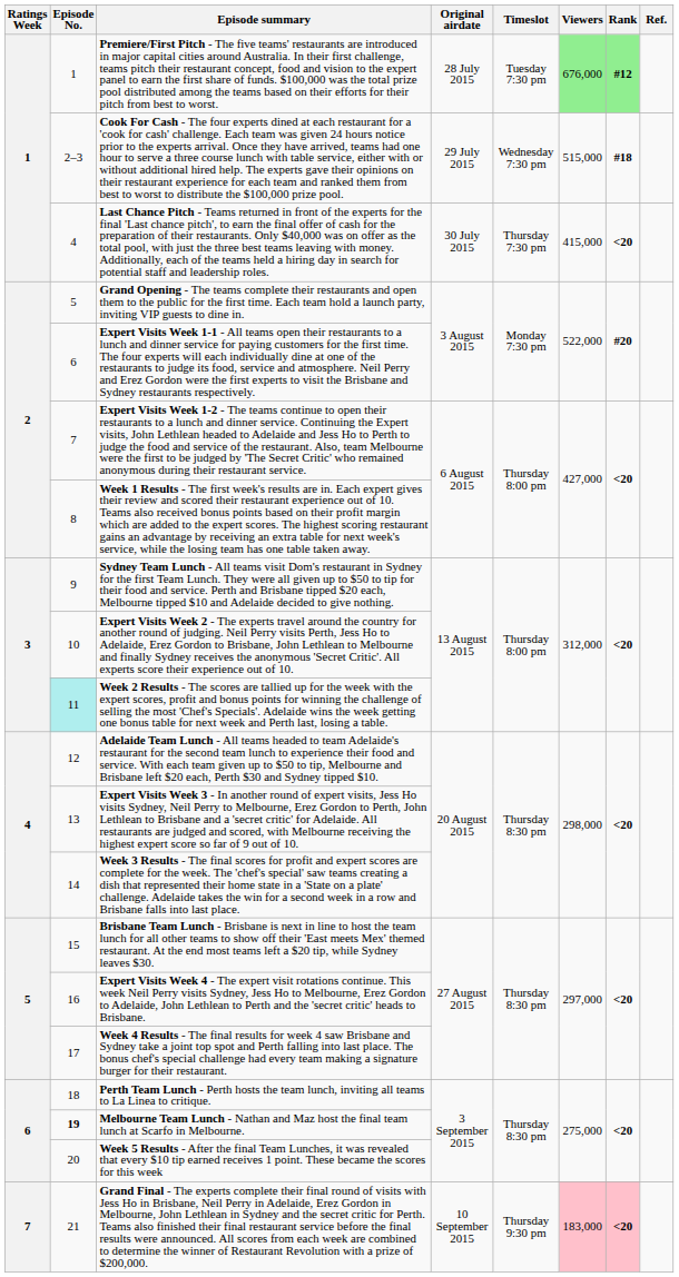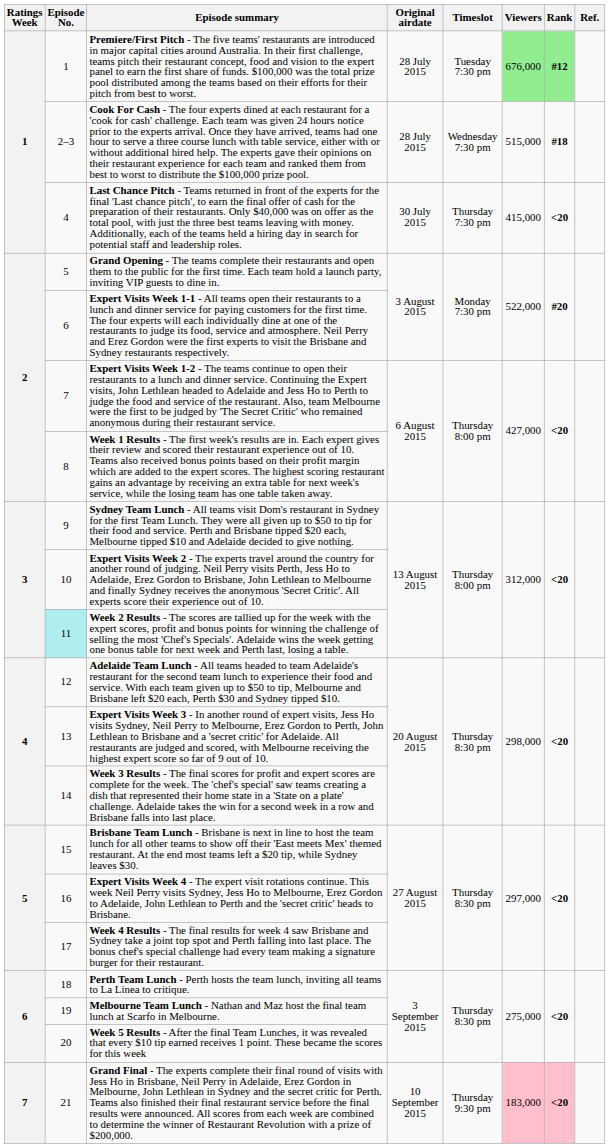 <table class="wikitable plainrowheaders" style="text-align:center; line-height:16px; width:100%;">
 <tr>
 <th scope="col">Ratings<br>Week</th>
 <th scope="col">Episode No.</th>
 <th scope="col" style="width:50%;">Episode summary</th>
 <th scope="col">Original airdate</th>
 <th scope="col">Timeslot</th>
 <th scope="col">Viewers</th>
 <th scope="col">Rank<br><small></small></th>
 <th scope="col" style="width:05%;">Ref.</th>
 </tr>
 <tr>
 <th rowspan="3">1</th>
 <td style="width:05%;">1</td>
 <td style="text-align:left"><strong>Premiere/First Pitch</strong> - The five teams' restaurants are introduced in major capital cities around Australia. In their first challenge, teams pitch their restaurant concept, food and vision to the expert panel to earn the first share of funds. $100,000 was the total prize pool distributed among the teams based on their efforts for their pitch from best to worst.</td>
 <td>28 July 2015</td>
 <td>Tuesday 7:30 pm</td>
 <td style="text-align:centre; background:lightgreen">676,000</td>
 <td style="text-align:centre; background:lightgreen"><strong>#12</strong></td>
 <td></td>
 </tr>
 <tr>
 <td>2–3</td>
 <td style="text-align:left"><strong>Cook For Cash</strong> - The four experts dined at each restaurant for a 'cook for cash' challenge. Each team was given 24 hours notice prior to the experts arrival. Once they have arrived, teams had one hour to serve a three course lunch with table service, either with or without additional hired help. The experts gave their opinions on their restaurant experience for each team and ranked them from best to worst to distribute the $100,000 prize pool.</td>
-<td>29 July 2015</td>
+<td>28 July 2015</td>
 <td>Wednesday 7:30 pm</td>
 <td>515,000</td>
 <td><strong>#18</strong></td>
 <td></td>
 </tr>
 <tr>
 <td>4</td>
 <td style="text-align:left"><strong>Last Chance Pitch</strong> - Teams returned in front of the experts for the final 'Last chance pitch', to earn the final offer of cash for the preparation of their restaurants. Only $40,000 was on offer as the total pool, with just the three best teams leaving with money. Additionally, each of the teams held a hiring day in search for potential staff and leadership roles.</td>
 <td>30 July 2015</td>
 <td>Thursday 7:30 pm</td>
 <td>415,000</td>
 <td><strong><20</strong></td>
 <td></td>
 </tr>
 <tr>
 <th rowspan="4">2</th>
 <td>5</td>
 <td style="text-align:left"><strong>Grand Opening</strong> - The teams complete their restaurants and open them to the public for the first time. Each team hold a launch party, inviting VIP guests to dine in.</td>
 <td rowspan="2">3 August 2015</td>
 <td rowspan="2">Monday 7:30 pm</td>
 <td rowspan="2">522,000</td>
 <td rowspan="2"><strong>#20</strong></td>
 <td rowspan="2"></td>
 </tr>
 <tr>
 <td>6</td>
 <td style="text-align:left"><strong>Expert Visits Week 1-1</strong> - All teams open their restaurants to a lunch and dinner service for paying customers for the first time. The four experts will each individually dine at one of the restaurants to judge its food, service and atmosphere. Neil Perry and Erez Gordon were the first experts to visit the Brisbane and Sydney restaurants respectively.</td>
 </tr>
 <tr>
 <td>7</td>
 <td style="text-align:left"><strong>Expert Visits Week 1-2</strong> - The teams continue to open their restaurants to a lunch and dinner service. Continuing the Expert visits, John Lethlean headed to Adelaide and Jess Ho to Perth to judge the food and service of the restaurant. Also, team Melbourne were the first to be judged by 'The Secret Critic' who remained anonymous during their restaurant service.</td>
 <td rowspan="2">6 August 2015</td>
 <td rowspan="2">Thursday 8:00 pm</td>
 <td rowspan="2">427,000</td>
 <td rowspan="2"><strong><20</strong></td>
 <td rowspan="2"></td>
 </tr>
 <tr>
 <td>8</td>
 <td style="text-align:left"><strong>Week 1 Results</strong> - The first week's results are in. Each expert gives their review and scored their restaurant experience out of 10. Teams also received bonus points based on their profit margin which are added to the expert scores. The highest scoring restaurant gains an advantage by receiving an extra table for next week's service, while the losing team has one table taken away.</td>
 </tr>
 <tr>
 <th rowspan="3">3</th>
 <td>9</td>
 <td style="text-align:left"><strong>Sydney Team Lunch</strong> - All teams visit Dom's restaurant in Sydney for the first Team Lunch. They were all given up to $50 to tip for their food and service. Perth and Brisbane tipped $20 each, Melbourne tipped $10 and Adelaide decided to give nothing.</td>
 <td rowspan="3">13 August 2015</td>
 <td rowspan="3">Thursday 8:00 pm</td>
 <td rowspan="3">312,000</td>
 <td rowspan="3"><strong><20</strong></td>
 <td rowspan="3"></td>
 </tr>
 <tr>
 <td>10</td>
 <td style="text-align:left"><strong>Expert Visits Week 2</strong> - The experts travel around the country for another round of judging. Neil Perry visits Perth, Jess Ho to Adelaide, Erez Gordon to Brisbane, John Lethlean to Melbourne and finally Sydney receives the anonymous 'Secret Critic'. All experts score their experience out of 10.</td>
 </tr>
 <tr>
 <td style="background: paleturquoise;">11</td>
 <td style="text-align:left"><strong>Week 2 Results</strong> - The scores are tallied up for the week with the expert scores, profit and bonus points for winning the challenge of selling the most 'Chef's Specials'. Adelaide wins the week getting one bonus table for next week and Perth last, losing a table.</td>
 </tr>
 <tr>
 <th rowspan="3">4</th>
 <td>12</td>
 <td style="text-align:left"><strong>Adelaide Team Lunch</strong> - All teams headed to team Adelaide's restaurant for the second team lunch to experience their food and service. With each team given up to $50 to tip, Melbourne and Brisbane left $20 each, Perth $30 and Sydney tipped $10.</td>
 <td rowspan="3">20 August 2015</td>
 <td rowspan="3">Thursday 8:30 pm</td>
 <td rowspan="3">298,000</td>
 <td rowspan="3"><strong><20</strong></td>
 <td rowspan="3"></td>
 </tr>
 <tr>
 <td>13</td>
 <td style="text-align:left"><strong>Expert Visits Week 3</strong> - In another round of expert visits, Jess Ho visits Sydney, Neil Perry to Melbourne, Erez Gordon to Perth, John Lethlean to Brisbane and a 'secret critic' for Adelaide. All restaurants are judged and scored, with Melbourne receiving the highest expert score so far of 9 out of 10.</td>
 </tr>
 <tr>
 <td>14</td>
 <td style="text-align:left"><strong>Week 3 Results</strong> - The final scores for profit and expert scores are complete for the week. The 'chef's special' saw teams creating a dish that represented their home state in a 'State on a plate' challenge. Adelaide takes the win for a second week in a row and Brisbane falls into last place.</td>
 </tr>
 <tr>
 <th rowspan="3">5</th>
 <td>15</td>
 <td style="text-align:left"><strong>Brisbane Team Lunch</strong> - Brisbane is next in line to host the team lunch for all other teams to show off their 'East meets Mex' themed restaurant. At the end most teams left a $20 tip, while Sydney leaves $30.</td>
 <td rowspan="3">27 August 2015</td>
 <td rowspan="3">Thursday 8:30 pm</td>
 <td rowspan="3">297,000</td>
 <td rowspan="3"><strong><20</strong></td>
 <td rowspan="3"></td>
 </tr>
 <tr>
 <td>16</td>
 <td style="text-align:left"><strong>Expert Visits Week 4</strong> - The expert visit rotations continue. This week Neil Perry visits Sydney, Jess Ho to Melbourne, Erez Gordon to Adelaide, John Lethlean to Perth and the 'secret critic' heads to Brisbane.</td>
 </tr>
 <tr>
 <td>17</td>
 <td style="text-align:left"><strong>Week 4 Results</strong> - The final results for week 4 saw Brisbane and Sydney take a joint top spot and Perth falling into last place. The bonus chef's special challenge had every team making a signature burger for their restaurant.</td>
 </tr>
 <tr>
 <th rowspan="3">6</th>
 <td>18</td>
 <td style="text-align:left"><strong>Perth Team Lunch</strong> - Perth hosts the team lunch, inviting all teams to La Linea to critique.</td>
 <td rowspan="3">3 September 2015</td>
 <td rowspan="3">Thursday 8:30 pm</td>
 <td rowspan="3">275,000</td>
 <td rowspan="3"><strong><20</strong></td>
 <td rowspan="3"></td>
 </tr>
 <tr>
-<td><strong>19</strong></td>
+<td>19</td>
 <td style="text-align:left"><strong>Melbourne Team Lunch</strong> - Nathan and Maz host the final team lunch at Scarfo in Melbourne.</td>
 </tr>
 <tr>
 <td>20</td>
 <td style="text-align:left"><strong>Week 5 Results</strong> - After the final Team Lunches, it was revealed that every $10 tip earned receives 1 point. These became the scores for this week</td>
 </tr>
 <tr>
 <th>7</th>
 <td>21</td>
 <td style="text-align:left"><strong>Grand Final</strong> - The experts complete their final round of visits with Jess Ho in Brisbane, Neil Perry in Adelaide, Erez Gordon in Melbourne, John Lethlean in Sydney and the secret critic for Perth. Teams also finished their final restaurant service before the final results were announced. All scores from each week are combined to determine the winner of Restaurant Revolution with a prize of $200,000.</td>
 <td>10 September 2015</td>
 <td>Thursday 9:30 pm</td>
 <td style="text-align:centre; background:pink">183,000</td>
 <td style="text-align:centre; background:pink"><strong><20</strong></td>
 <td></td>
 </tr>
 </table>
